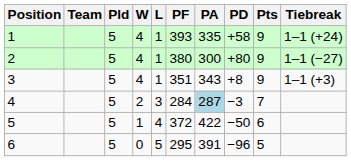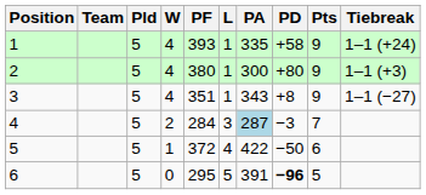 <table class="wikitable">
 <tr>
 <th>Position</th>
 <th>Team</th>
 <th>Pld</th>
 <th>W</th>
+<th>PF</th>
 <th>L</th>
-<th>PF</th>
 <th>PA</th>
 <th>PD</th>
 <th>Pts</th>
 <th>Tiebreak</th>
 </tr>
 <tr bgcolor=ccffcc>
 <td>1</td>
 <td></td>
 <td>5</td>
 <td>4</td>
+<td>393</td>
 <td>1</td>
-<td>393</td>
 <td>335</td>
 <td>+58</td>
 <td>9</td>
 <td>1–1 (+24)</td>
 </tr>
 <tr bgcolor=ccffcc>
 <td>2</td>
 <td></td>
 <td>5</td>
 <td>4</td>
+<td>380</td>
 <td>1</td>
-<td>380</td>
 <td>300</td>
 <td>+80</td>
 <td>9</td>
-<td>1–1 (−27)</td>
+<td>1–1 (+3)</td>
 </tr>
 <tr>
 <td>3</td>
 <td></td>
 <td>5</td>
 <td>4</td>
+<td>351</td>
 <td>1</td>
-<td>351</td>
 <td>343</td>
 <td>+8</td>
 <td>9</td>
-<td>1–1 (+3)</td>
+<td>1–1 (−27)</td>
 </tr>
 <tr>
 <td>4</td>
 <td></td>
 <td>5</td>
 <td>2</td>
+<td>284</td>
 <td>3</td>
-<td>284</td>
 <td style="background: lightblue;">287</td>
 <td>−3</td>
 <td>7</td>
 <td></td>
 </tr>
 <tr>
 <td>5</td>
 <td></td>
 <td>5</td>
 <td>1</td>
+<td>372</td>
 <td>4</td>
-<td>372</td>
 <td>422</td>
 <td>−50</td>
 <td>6</td>
 <td></td>
 </tr>
 <tr>
 <td>6</td>
 <td></td>
 <td>5</td>
 <td>0</td>
+<td>295</td>
 <td>5</td>
-<td>295</td>
 <td>391</td>
-<td>−96</td>
+<td><strong>−96</strong></td>
 <td>5</td>
 <td></td>
 </tr>
 </table>
